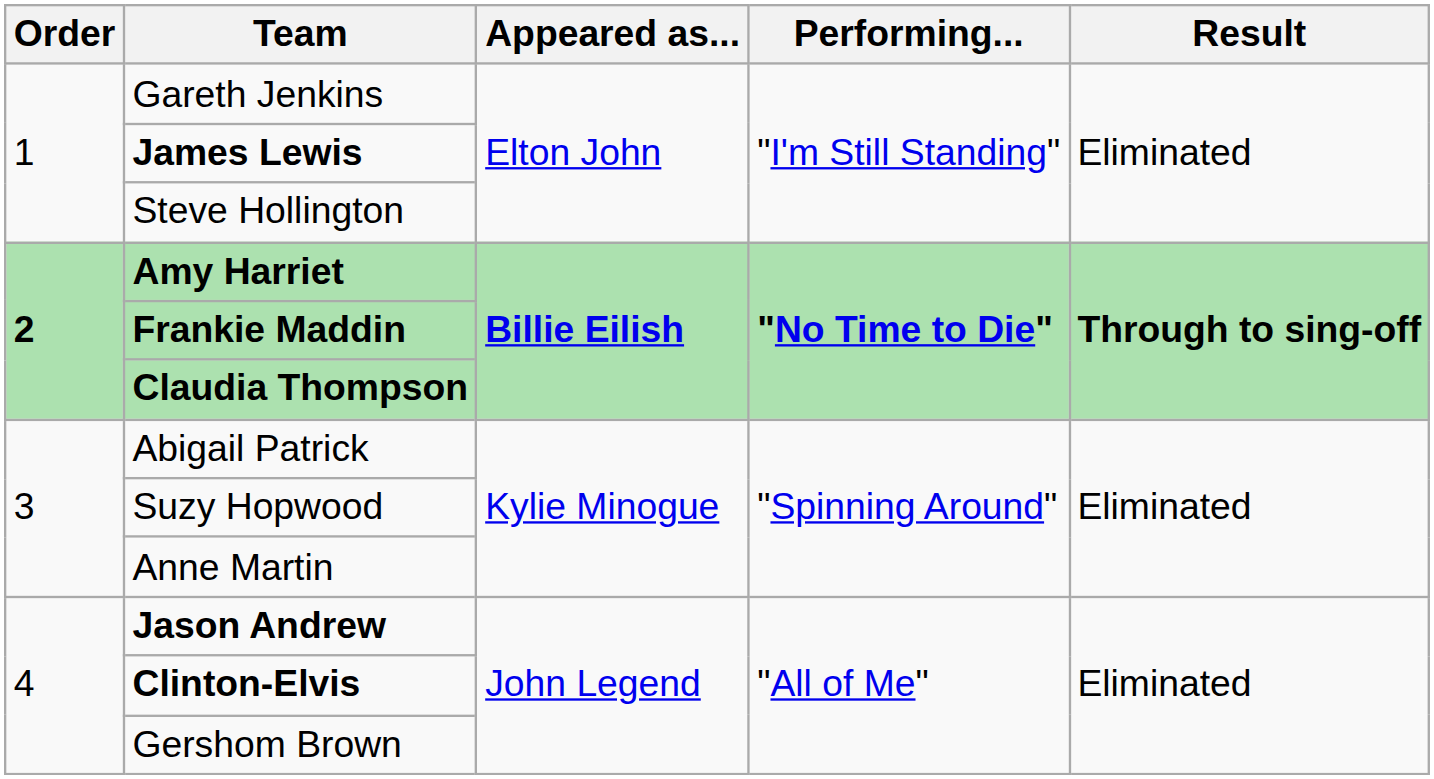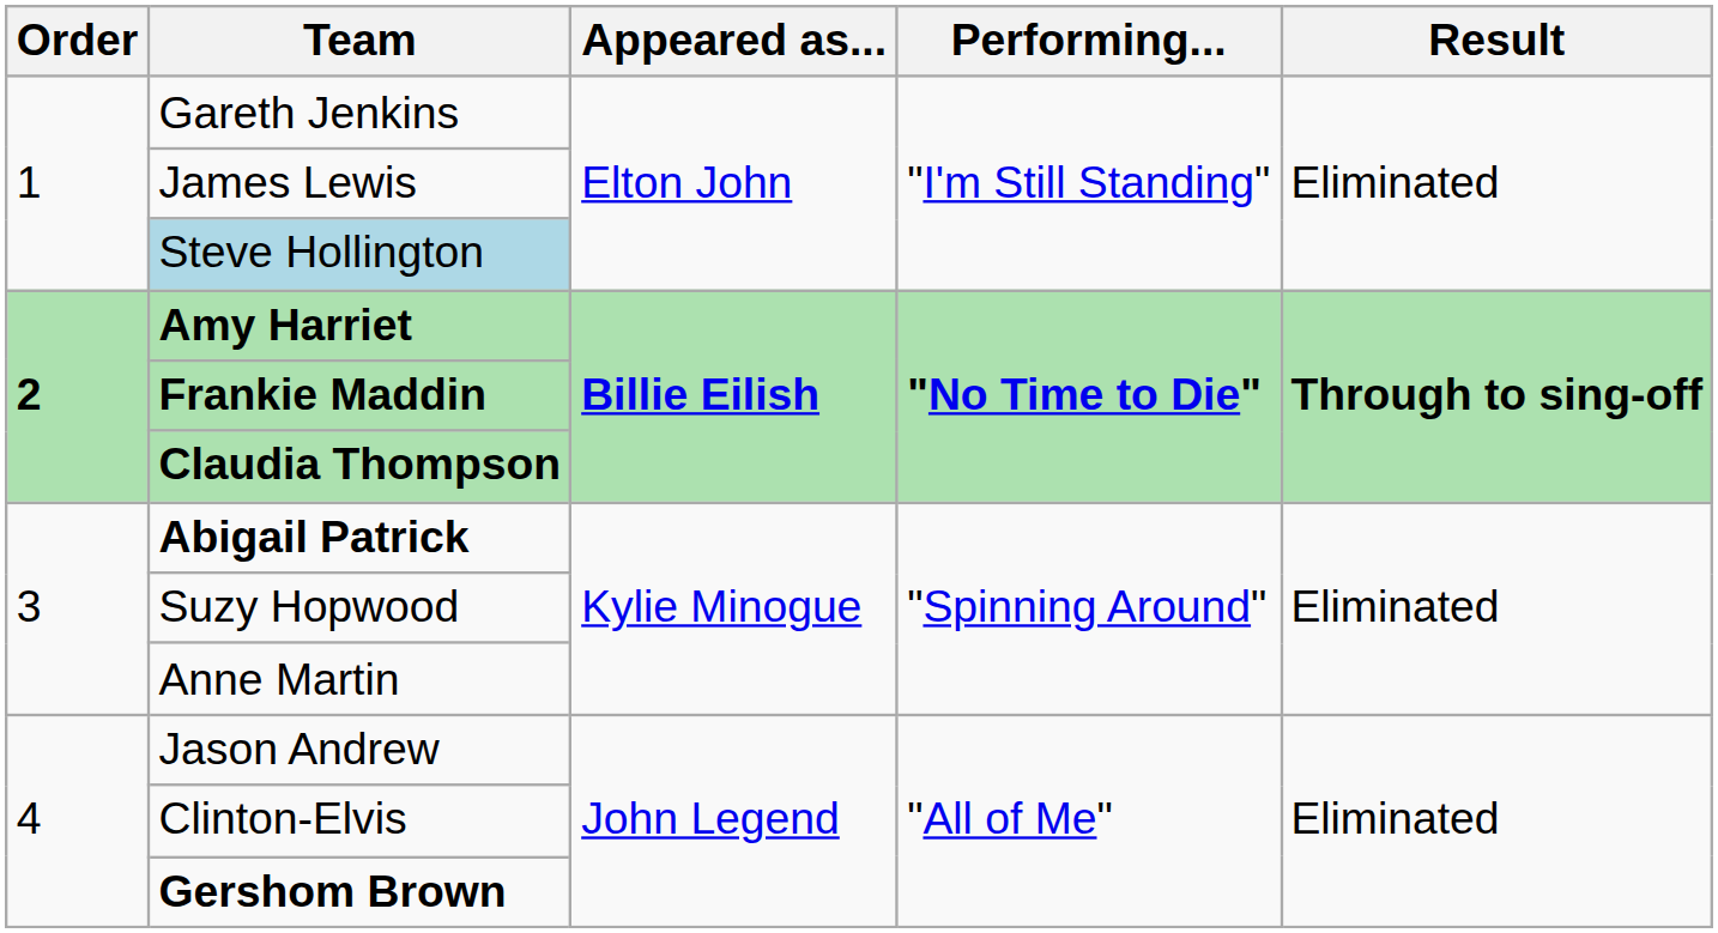 <table class="wikitable">
 <tr>
 <th>Order</th>
 <th>Team</th>
 <th>Appeared as...</th>
 <th>Performing...</th>
 <th>Result</th>
 </tr>
 <tr>
 <td rowspan="3">1</td>
 <td>Gareth Jenkins</td>
 <td rowspan="3"><a href='#'>Elton John</a></td>
 <td rowspan="3">"<a href='#'>I'm Still Standing</a>"</td>
 <td rowspan="3">Eliminated</td>
 </tr>
 <tr>
-<td><strong>James Lewis</strong></td>
+<td>James Lewis</td>
 </tr>
 <tr>
-<td>Steve Hollington</td>
+<td style="background: lightblue;">Steve Hollington</td>
 </tr>
 <tr style="background:#ACE1AF;">
 <td rowspan="3"><strong>2</strong></td>
 <td><strong>Amy Harriet</strong></td>
 <td rowspan="3"><strong><a href='#'>Billie Eilish</a></strong></td>
 <td rowspan="3"><strong>"<a href='#'>No Time to Die</a>"</strong></td>
 <td rowspan="3"><strong>Through to sing-off</strong></td>
 </tr>
 <tr>
 <td style="background:#ACE1AF;"><strong>Frankie Maddin</strong></td>
 </tr>
 <tr>
 <td style="background:#ACE1AF;"><strong>Claudia Thompson</strong></td>
 </tr>
 <tr>
 <td rowspan="3">3</td>
-<td>Abigail Patrick</td>
+<td><strong>Abigail Patrick</strong></td>
 <td rowspan="3"><a href='#'>Kylie Minogue</a></td>
 <td rowspan="3">"<a href='#'>Spinning Around</a>"</td>
 <td rowspan="3">Eliminated</td>
 </tr>
 <tr>
 <td>Suzy Hopwood</td>
 </tr>
 <tr>
 <td>Anne Martin</td>
 </tr>
 <tr>
 <td rowspan="3">4</td>
-<td><strong>Jason Andrew</strong></td>
+<td>Jason Andrew</td>
 <td rowspan="3"><a href='#'>John Legend</a></td>
 <td rowspan="3">"<a href='#'>All of Me</a>"</td>
 <td rowspan="3">Eliminated</td>
 </tr>
 <tr>
-<td><strong>Clinton-Elvis</strong></td>
+<td>Clinton-Elvis</td>
 </tr>
 <tr>
-<td>Gershom Brown</td>
+<td><strong>Gershom Brown</strong></td>
 </tr>
 </table>
